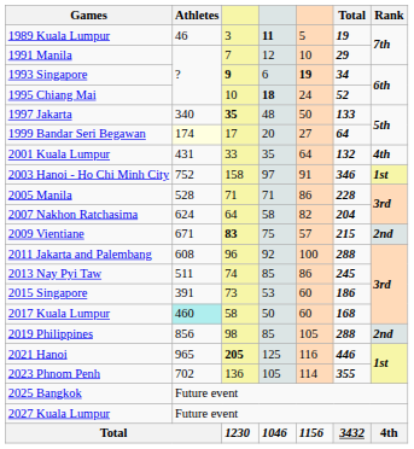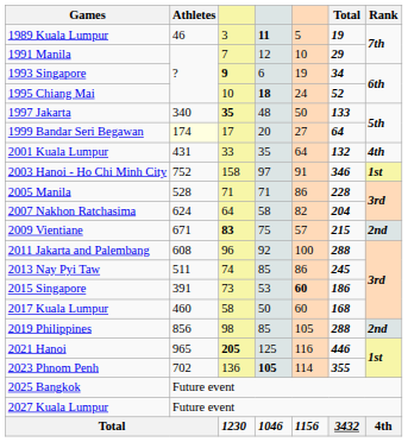 <table class="wikitable sortable mw-collapsible mw-collapsed ”wikitable sortable”" style="”text-align;center;">
 <tr>
 <th>Games</th>
 <th>Athletes</th>
 <th scope="col" style="background:#F7F6A8;" width="40"></th>
 <th scope="col" style="background:#DCE5E5;" width="40"></th>
 <th scope="col" style="background:#FFDAB9;" width="40"></th>
 <th width="40">Total</th>
 <th width="40">Rank</th>
 </tr>
 <tr>
 <td align="left"> <a href='#'>1989 Kuala Lumpur</a></td>
 <td>46</td>
 <td style="background:#F7F6A8;">3</td>
 <td style="background:#DCE5E5;"><strong>11</strong></td>
 <td style="background:#FFDAB9;">5</td>
 <td><strong><em>19</em></strong></td>
 <td rowspan="2"><strong><em>7th</em></strong></td>
 </tr>
 <tr>
 <td align="left"> <a href='#'>1991 Manila</a></td>
 <td rowspan="3">?</td>
 <td style="background:#F7F6A8;">7</td>
 <td style="background:#DCE5E5;">12</td>
 <td style="background:#FFDAB9;">10</td>
 <td><strong><em>29</em></strong></td>
 </tr>
 <tr>
 <td align="left"> <a href='#'>1993 Singapore</a></td>
 <td style="background:#F7F6A8;"><strong>9</strong></td>
 <td style="background:#DCE5E5;">6</td>
-<td style="background:#FFDAB9;"><strong>19</strong></td>
+<td style="background:#FFDAB9;">19</td>
 <td><strong><em>34</em></strong></td>
 <td rowspan="2"><strong><em>6th</em></strong></td>
 </tr>
 <tr>
 <td align="left"> <a href='#'>1995 Chiang Mai</a></td>
 <td style="background:#F7F6A8;">10</td>
 <td style="background:#DCE5E5;"><strong>18</strong></td>
 <td style="background:#FFDAB9;">24</td>
 <td><strong><em>52</em></strong></td>
 </tr>
 <tr>
 <td align="left"> <a href='#'>1997 Jakarta</a></td>
 <td>340</td>
 <td style="background:#F7F6A8;"><strong>35</strong></td>
 <td style="background:#DCE5E5;">48</td>
 <td style="background:#FFDAB9;">50</td>
 <td><strong><em>133</em></strong></td>
 <td rowspan="2"><strong><em>5th</em></strong></td>
 </tr>
 <tr>
 <td align="left"> <a href='#'>1999 Bandar Seri Begawan</a></td>
 <td style="background: lightyellow;">174</td>
 <td style="background:#F7F6A8;">17</td>
 <td style="background:#DCE5E5;">20</td>
 <td style="background:#FFDAB9;">27</td>
 <td><strong><em>64</em></strong></td>
 </tr>
 <tr>
 <td align="left"> <a href='#'>2001 Kuala Lumpur</a></td>
 <td>431</td>
 <td style="background:#F7F6A8;">33</td>
 <td style="background:#DCE5E5;">35</td>
 <td style="background:#FFDAB9;">64</td>
 <td><strong><em>132</em></strong></td>
 <td><strong><em>4th</em></strong></td>
 </tr>
 <tr>
 <td align="left"> <a href='#'>2003 Hanoi - Ho Chi Minh City</a></td>
 <td>752</td>
 <td style="background:#F7F6A8;">158</td>
 <td style="background:#DCE5E5;">97</td>
 <td style="background:#FFDAB9;">91</td>
 <td><strong><em>346</em></strong></td>
 <td bgcolor="f7f6a8"><strong><em>1st</em></strong></td>
 </tr>
 <tr>
 <td align="left"> <a href='#'>2005 Manila</a></td>
 <td>528</td>
 <td style="background:#F7F6A8;">71</td>
 <td style="background:#DCE5E5;">71</td>
 <td style="background:#FFDAB9;">86</td>
 <td><strong><em>228</em></strong></td>
 <td rowspan="2" bgcolor="ffdab9"><strong><em>3rd</em></strong></td>
 </tr>
 <tr>
 <td align="left"> <a href='#'>2007 Nakhon Ratchasima</a></td>
 <td>624</td>
 <td style="background:#F7F6A8;">64</td>
 <td style="background:#DCE5E5;">58</td>
 <td style="background:#FFDAB9;">82</td>
 <td><strong><em>204</em></strong></td>
 </tr>
 <tr>
 <td align="left"> <a href='#'>2009 Vientiane</a></td>
 <td>671</td>
 <td style="background:#F7F6A8;"><strong>83</strong></td>
 <td style="background:#DCE5E5;">75</td>
 <td style="background:#FFDAB9;">57</td>
 <td><strong><em>215</em></strong></td>
 <td bgcolor="dce5e5"><strong><em>2nd</em></strong></td>
 </tr>
 <tr>
 <td align="left"> <a href='#'>2011 Jakarta and Palembang</a></td>
 <td>608</td>
 <td style="background:#F7F6A8;">96</td>
 <td style="background:#DCE5E5;">92</td>
 <td style="background:#FFDAB9;">100</td>
 <td><strong><em>288</em></strong></td>
 <td rowspan="4" bgcolor="ffdab9"><strong><em>3rd</em></strong></td>
 </tr>
 <tr>
 <td align="left"> <a href='#'>2013 Nay Pyi Taw</a></td>
 <td>511</td>
 <td style="background:#F7F6A8;">74</td>
 <td style="background:#DCE5E5;">85</td>
 <td style="background:#FFDAB9;">86</td>
 <td><strong><em>245</em></strong></td>
 </tr>
 <tr>
 <td align="left"> <a href='#'>2015 Singapore</a></td>
 <td>391</td>
 <td style="background:#F7F6A8;">73</td>
 <td style="background:#DCE5E5;">53</td>
-<td style="background:#FFDAB9;">60</td>
+<td style="background:#FFDAB9;"><strong>60</strong></td>
 <td><strong><em>186</em></strong></td>
 </tr>
 <tr>
 <td align="left"> <a href='#'>2017 Kuala Lumpur</a></td>
-<td style="background: paleturquoise;">460</td>
+<td>460</td>
 <td style="background:#F7F6A8;">58</td>
 <td style="background:#DCE5E5;">50</td>
 <td style="background:#FFDAB9;">60</td>
 <td><strong><em>168</em></strong></td>
 </tr>
 <tr>
 <td align="left"> <a href='#'>2019 Philippines</a></td>
 <td>856</td>
 <td style="background:#F7F6A8;">98</td>
 <td style="background:#DCE5E5;">85</td>
 <td style="background:#FFDAB9;">105</td>
 <td><strong><em>288</em></strong></td>
 <td bgcolor="dce5e5"><strong><em>2nd</em></strong></td>
 </tr>
 <tr>
 <td align="left"> <a href='#'>2021 Hanoi</a></td>
 <td>965</td>
 <td style="background:#F7F6A8;"><strong>205</strong></td>
 <td style="background:#DCE5E5;">125</td>
 <td style="background:#FFDAB9;">116</td>
 <td><strong><em>446</em></strong></td>
 <td rowspan="2" bgcolor="f7f6a8"><strong><em>1st</em></strong></td>
 </tr>
 <tr>
 <td align="left"> <a href='#'>2023 Phnom Penh</a></td>
 <td>702</td>
 <td style="background:#F7F6A8;">136</td>
-<td style="background:#DCE5E5;">105</td>
+<td style="background:#DCE5E5;"><strong>105</strong></td>
 <td style="background:#FFDAB9;">114</td>
 <td><strong><em>355</em></strong></td>
 </tr>
 <tr>
 <td align="left"> <a href='#'>2025 Bangkok</a></td>
 <td colspan=6>Future event</td>
 </tr>
 <tr>
 <td align="left"> <a href='#'>2027 Kuala Lumpur</a></td>
 <td colspan=6>Future event</td>
 </tr>
 <tr>
 <th colspan="2">Total</th>
 <td><strong><em>1230</em></strong></td>
 <td><strong><em>1046</em></strong></td>
 <td><strong><em>1156</em></strong></td>
 <th><u><em>3432</em></u></th>
 <th>4th</th>
 </tr>
 </table>
